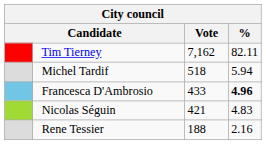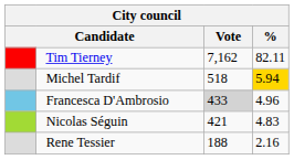 <table class="wikitable">
 <tr>
 <th colspan="4">City council</th>
 </tr>
 <tr>
 <th bgcolor="#DDDDFF" width="230px" colspan="2">Candidate</th>
 <th bgcolor="#DDDDFF" width="50px">Vote</th>
 <th bgcolor="#DDDDFF" width="30px">%</th>
 </tr>
 <tr>
 <td bgcolor=#FD0000 width="30px"> </td>
 <td>  <a href='#'>Tim Tierney</a></td>
 <td>7,162</td>
 <td>82.11</td>
 </tr>
 <tr>
 <td bgcolor=#DCDCDC width="30px"> </td>
 <td>  Michel Tardif</td>
 <td>518</td>
-<td>5.94</td>
+<td style="background: gold;">5.94</td>
 </tr>
 <tr>
 <td bgcolor=#71C6E5 width="30px"> </td>
 <td>  Francesca D'Ambrosio</td>
-<td>433</td>
-<td><strong>4.96</strong></td>
+<td style="background: lightgrey;">433</td>
+<td>4.96</td>
 </tr>
 <tr>
 <td bgcolor=#A2DA35 width="30px"> </td>
 <td>  Nicolas Séguin</td>
 <td>421</td>
 <td>4.83</td>
 </tr>
 <tr>
 <td bgcolor=#DCDCDC width="30px"> </td>
 <td>  Rene Tessier</td>
 <td>188</td>
 <td>2.16</td>
 </tr>
 </table>
